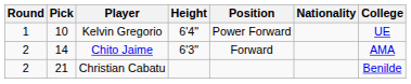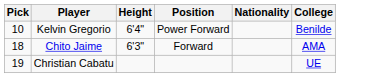 <table class="wikitable sortable sortable">
 <tr>
-<th>Round</th>
 <th>Pick</th>
 <th>Player</th>
 <th>Height</th>
 <th>Position</th>
 <th>Nationality</th>
 <th>College</th>
 </tr>
 <tr style="text-align: center">
-<td>1</td>
 <td>10</td>
 <td>Kelvin Gregorio</td>
 <td>6'4"</td>
 <td>Power Forward</td>
 <td></td>
-<td><a href='#'>UE</a></td>
+<td><a href='#'>Benilde</a></td>
 </tr>
 <tr style="text-align: center">
-<td>2</td>
-<td>14</td>
+<td>18</td>
 <td><a href='#'>Chito Jaime</a></td>
 <td>6'3"</td>
 <td>Forward</td>
 <td></td>
 <td><a href='#'>AMA</a></td>
 </tr>
 <tr style="text-align: center">
-<td>2</td>
-<td>21</td>
+<td>19</td>
 <td>Christian Cabatu</td>
 <td></td>
 <td></td>
 <td></td>
-<td><a href='#'>Benilde</a></td>
+<td><a href='#'>UE</a></td>
 </tr>
 </table>
